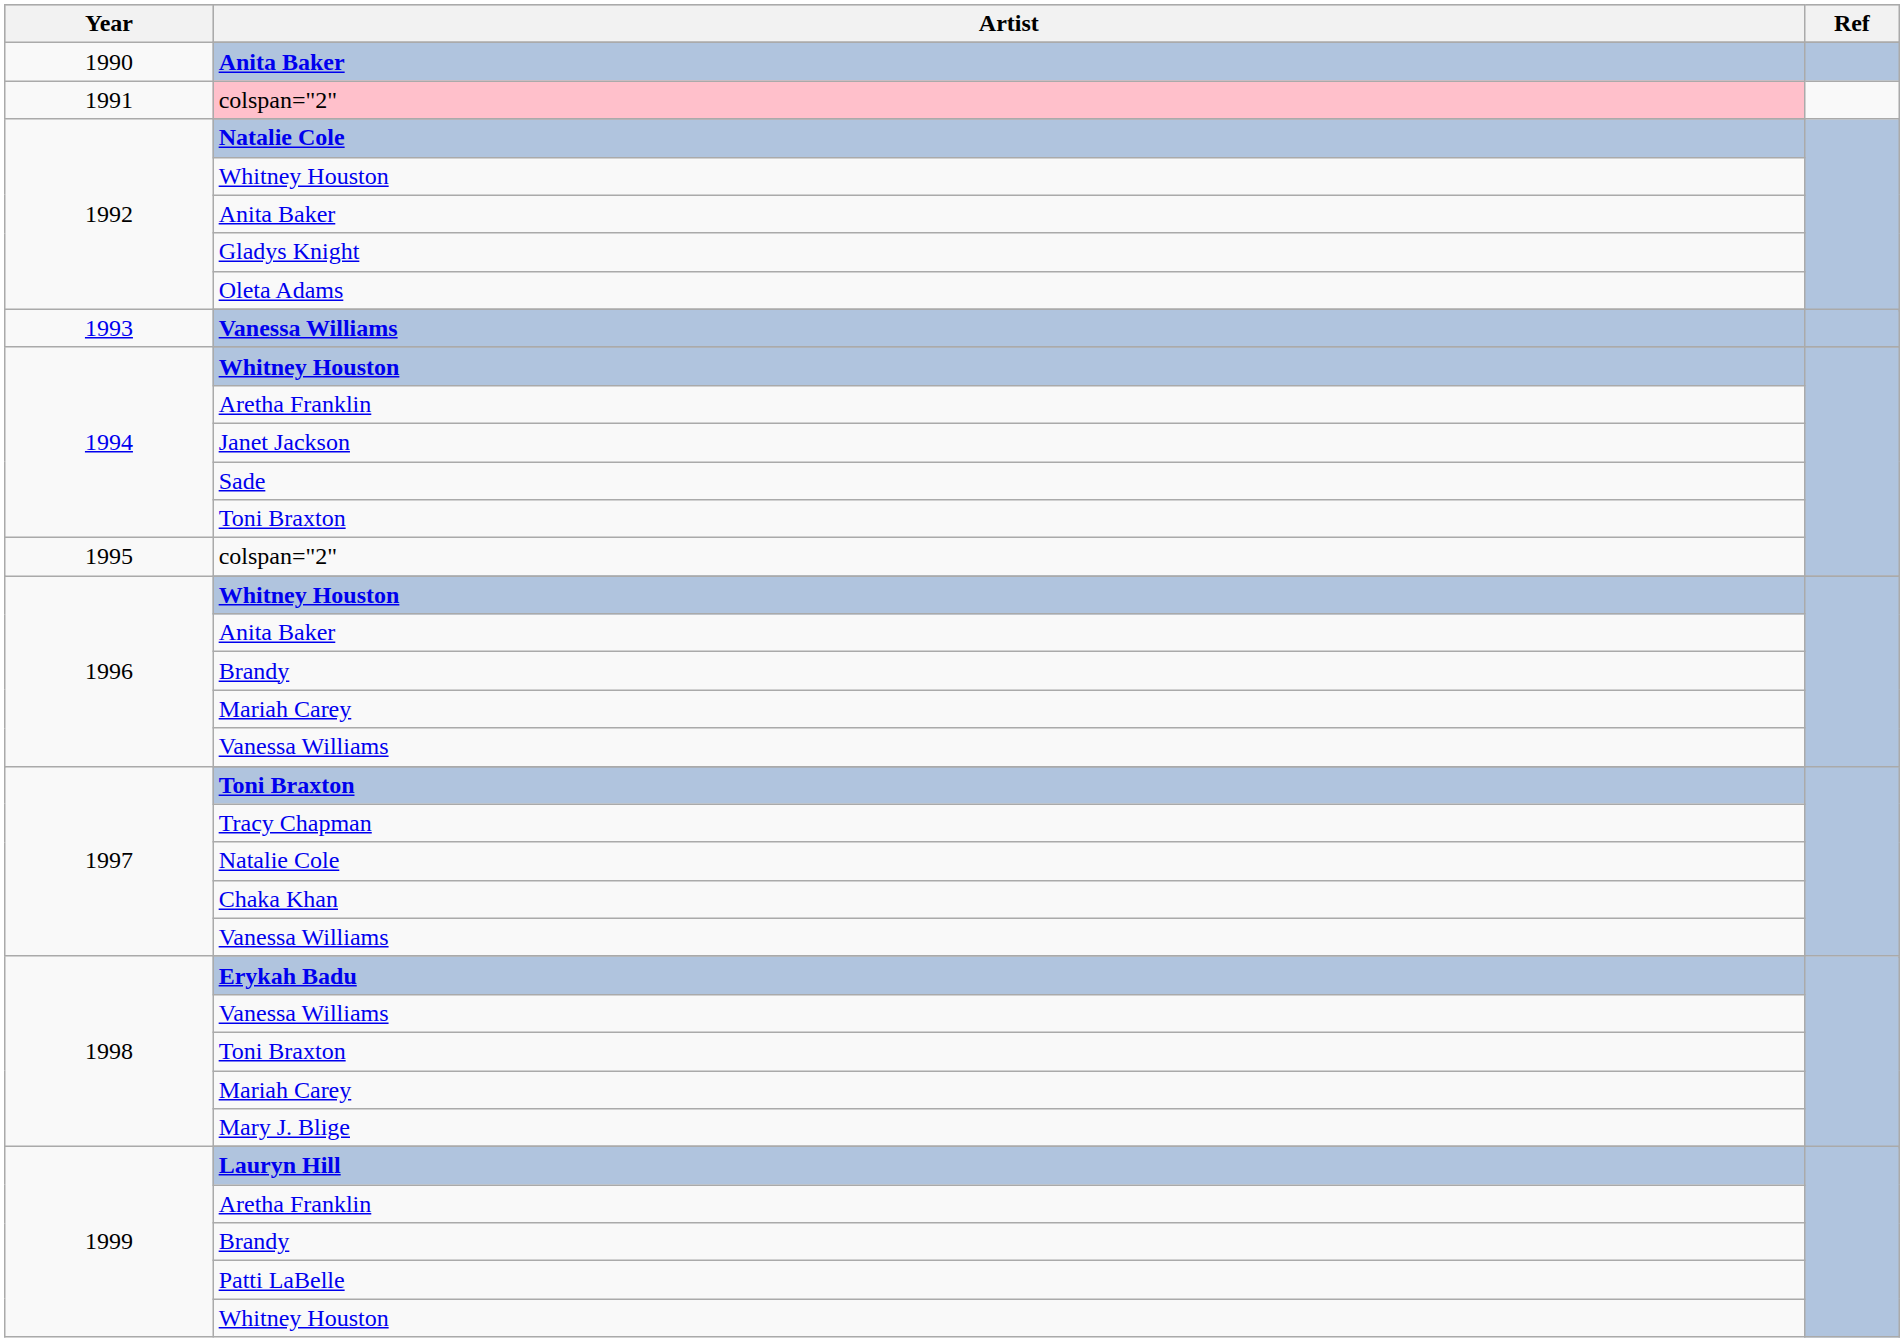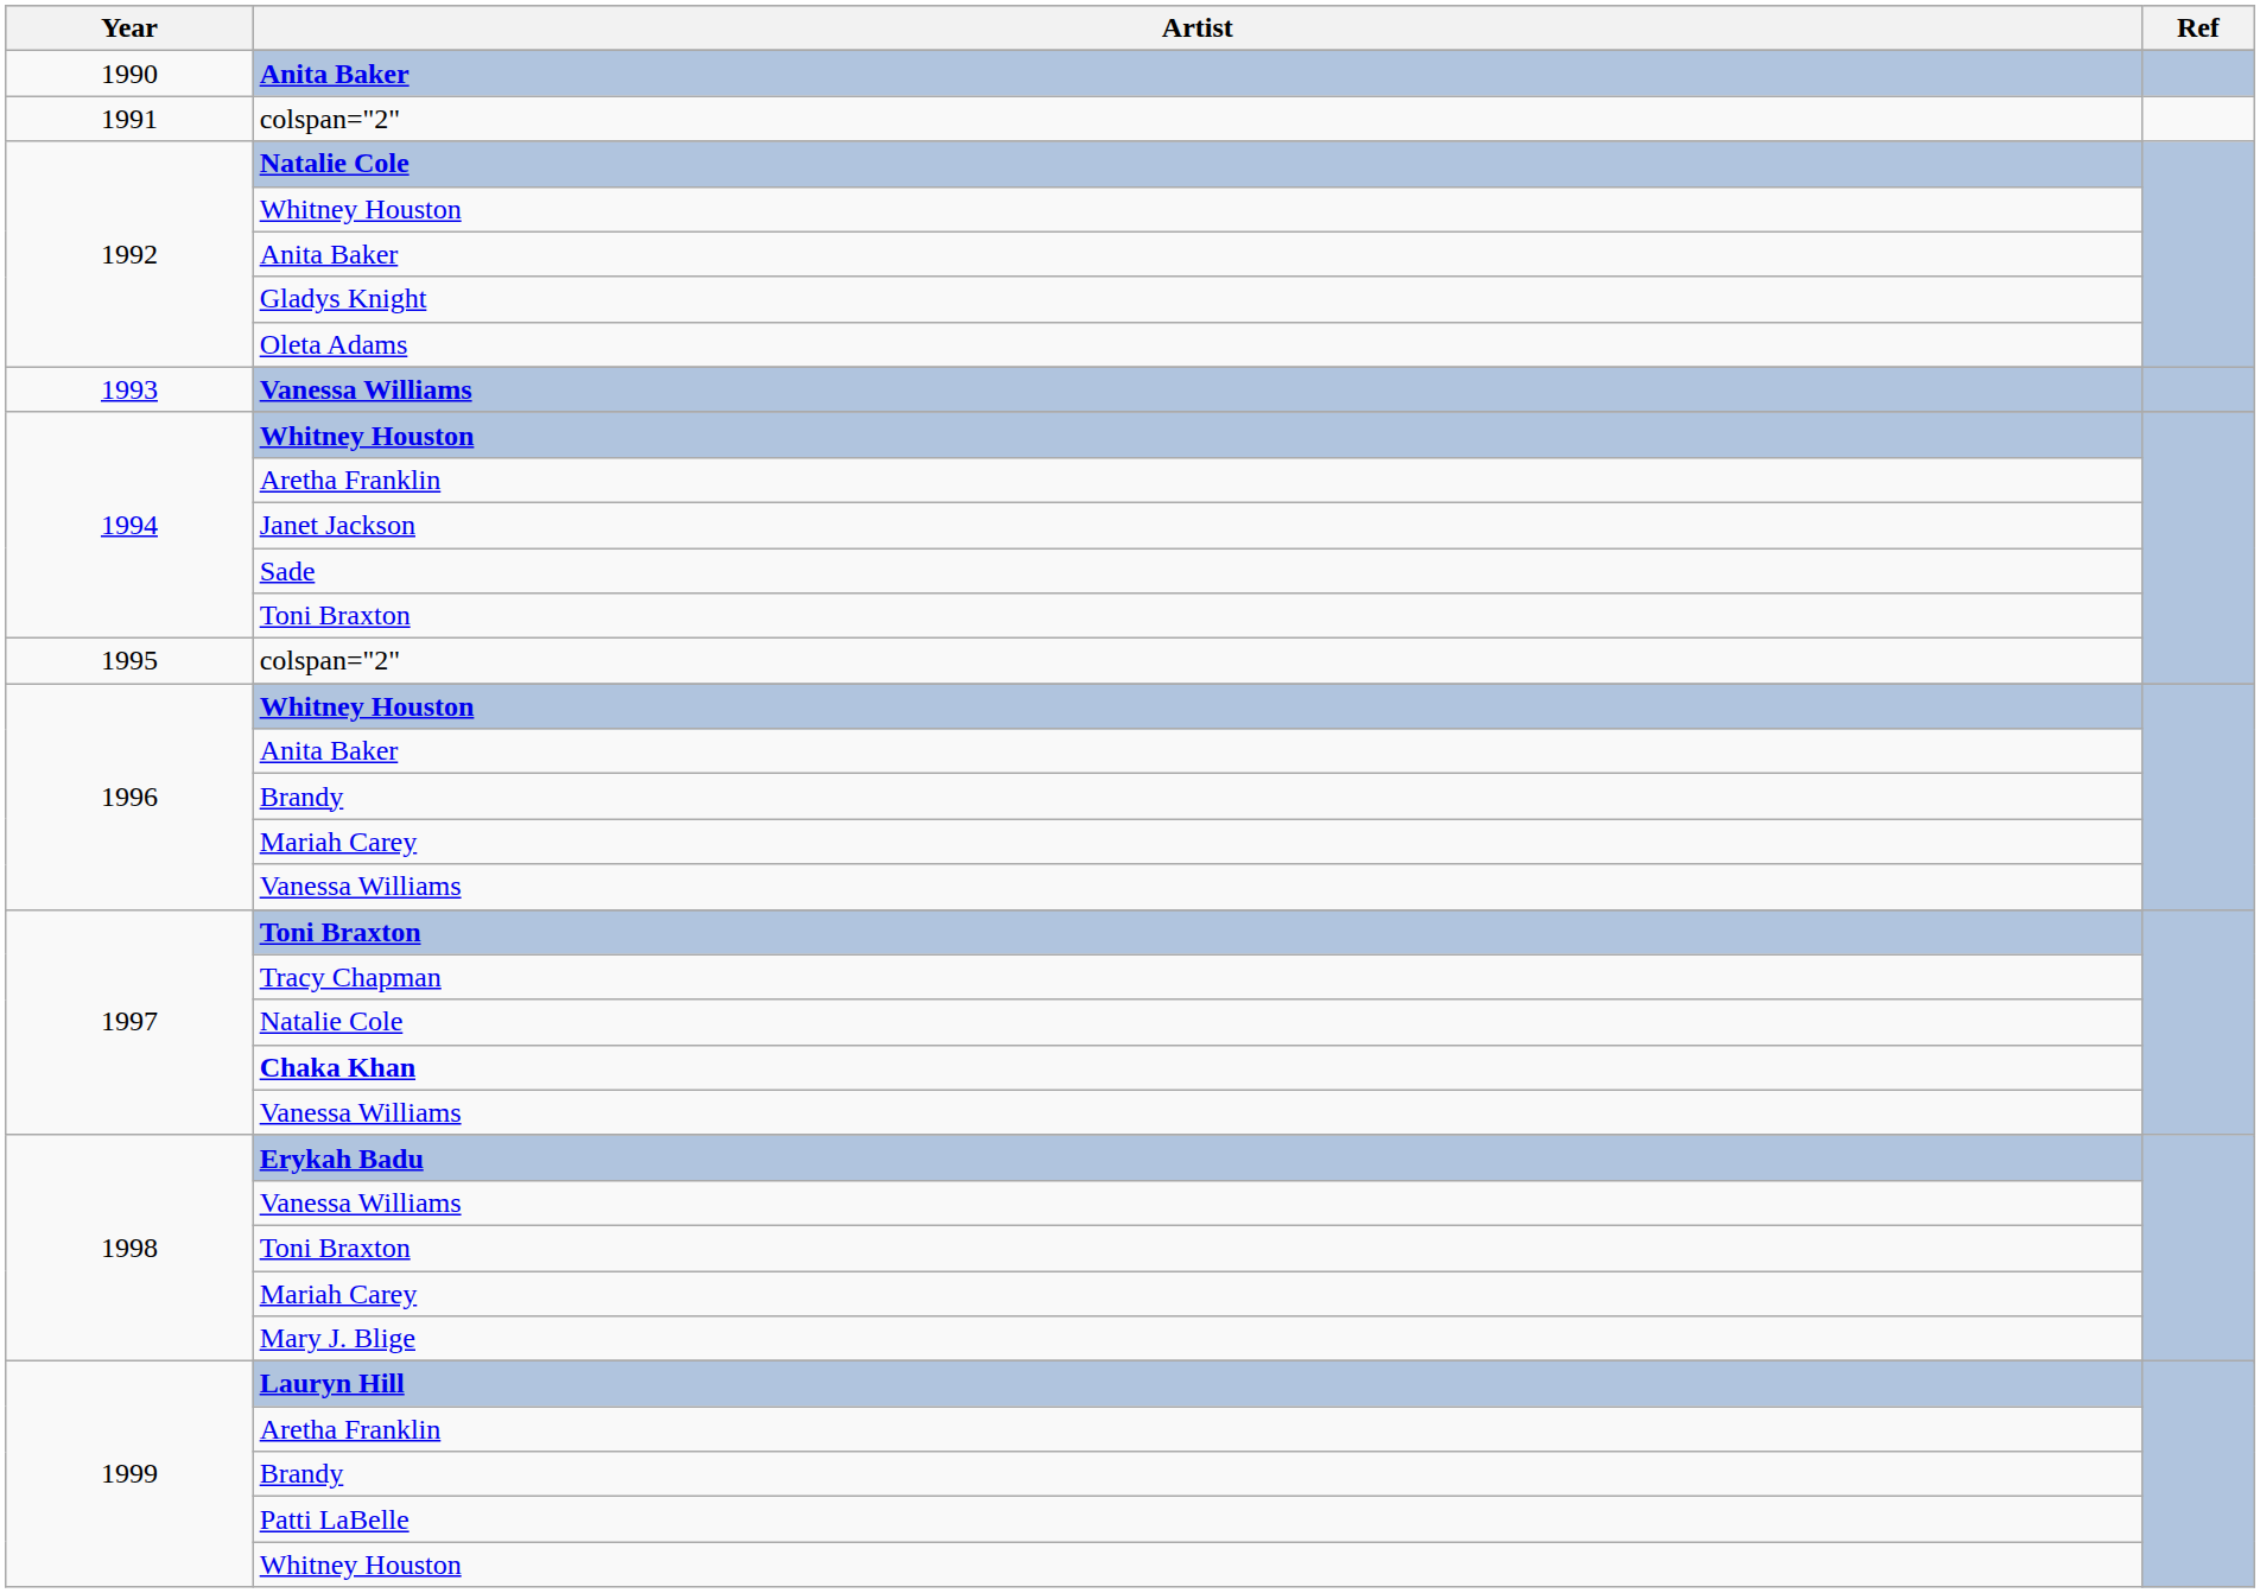 <table class="wikitable" style="width:100%;">
 <tr style="background:#bebebe;">
 <th style="width:11%;">Year</th>
 <th style="width:84%;">Artist</th>
 <th style="width:5%;">Ref</th>
 </tr>
 <tr>
 <td rowspan="2" align="center">1990</td>
 </tr>
 <tr style="background:#B0C4DE">
 <td><strong><a href='#'>Anita Baker</a></strong></td>
 <td align="center"></td>
 </tr>
 <tr>
 <td align="center">1991</td>
-<td style="background: pink;">colspan="2" </td>
+<td>colspan="2" </td>
 </tr>
 <tr>
 <td rowspan="6" align="center">1992</td>
 </tr>
 <tr style="background:#B0C4DE">
 <td><strong><a href='#'>Natalie Cole</a></strong></td>
 <td rowspan="6" align="center"></td>
 </tr>
 <tr>
 <td><a href='#'>Whitney Houston</a></td>
 </tr>
 <tr>
 <td><a href='#'>Anita Baker</a></td>
 </tr>
 <tr>
 <td><a href='#'>Gladys Knight</a></td>
 </tr>
 <tr>
 <td><a href='#'>Oleta Adams</a></td>
 </tr>
 <tr>
 <td rowspan="2" align="center"><a href='#'>1993</a></td>
 </tr>
 <tr style="background:#B0C4DE">
 <td><strong><a href='#'>Vanessa Williams</a></strong></td>
 <td align="center"></td>
 </tr>
 <tr>
 <td rowspan="6" align="center"><a href='#'>1994</a></td>
 </tr>
 <tr style="background:#B0C4DE">
 <td><strong><a href='#'>Whitney Houston</a></strong></td>
 <td rowspan="6" align="center"></td>
 </tr>
 <tr>
 <td><a href='#'>Aretha Franklin</a></td>
 </tr>
 <tr>
 <td><a href='#'>Janet Jackson</a></td>
 </tr>
 <tr>
 <td><a href='#'>Sade</a></td>
 </tr>
 <tr>
 <td><a href='#'>Toni Braxton</a></td>
 </tr>
 <tr>
 <td align="center">1995</td>
 <td>colspan="2" </td>
 </tr>
 <tr>
 <td rowspan="6" align="center">1996</td>
 </tr>
 <tr style="background:#B0C4DE">
 <td><strong><a href='#'>Whitney Houston</a></strong></td>
 <td rowspan="6" align="center"></td>
 </tr>
 <tr>
 <td><a href='#'>Anita Baker</a></td>
 </tr>
 <tr>
 <td><a href='#'>Brandy</a></td>
 </tr>
 <tr>
 <td><a href='#'>Mariah Carey</a></td>
 </tr>
 <tr>
 <td><a href='#'>Vanessa Williams</a></td>
 </tr>
 <tr>
 <td rowspan="6" align="center">1997</td>
 </tr>
 <tr style="background:#B0C4DE">
 <td><strong><a href='#'>Toni Braxton</a></strong></td>
 <td rowspan="6" align="center"></td>
 </tr>
 <tr>
 <td><a href='#'>Tracy Chapman</a></td>
 </tr>
 <tr>
 <td><a href='#'>Natalie Cole</a></td>
 </tr>
 <tr>
-<td><a href='#'>Chaka Khan</a></td>
+<td><strong><a href='#'>Chaka Khan</a></strong></td>
 </tr>
 <tr>
 <td><a href='#'>Vanessa Williams</a></td>
 </tr>
 <tr>
 <td rowspan="6" align="center">1998</td>
 </tr>
 <tr style="background:#B0C4DE">
 <td><strong><a href='#'>Erykah Badu</a></strong></td>
 <td rowspan="6" align="center"></td>
 </tr>
 <tr>
 <td><a href='#'>Vanessa Williams</a></td>
 </tr>
 <tr>
 <td><a href='#'>Toni Braxton</a></td>
 </tr>
 <tr>
 <td><a href='#'>Mariah Carey</a></td>
 </tr>
 <tr>
 <td><a href='#'>Mary J. Blige</a></td>
 </tr>
 <tr>
 <td rowspan="6" align="center">1999</td>
 </tr>
 <tr style="background:#B0C4DE">
 <td><strong><a href='#'>Lauryn Hill</a></strong></td>
 <td rowspan="6" align="center"></td>
 </tr>
 <tr>
 <td><a href='#'>Aretha Franklin</a></td>
 </tr>
 <tr>
 <td><a href='#'>Brandy</a></td>
 </tr>
 <tr>
 <td><a href='#'>Patti LaBelle</a></td>
 </tr>
 <tr>
 <td><a href='#'>Whitney Houston</a></td>
 </tr>
 </table>
